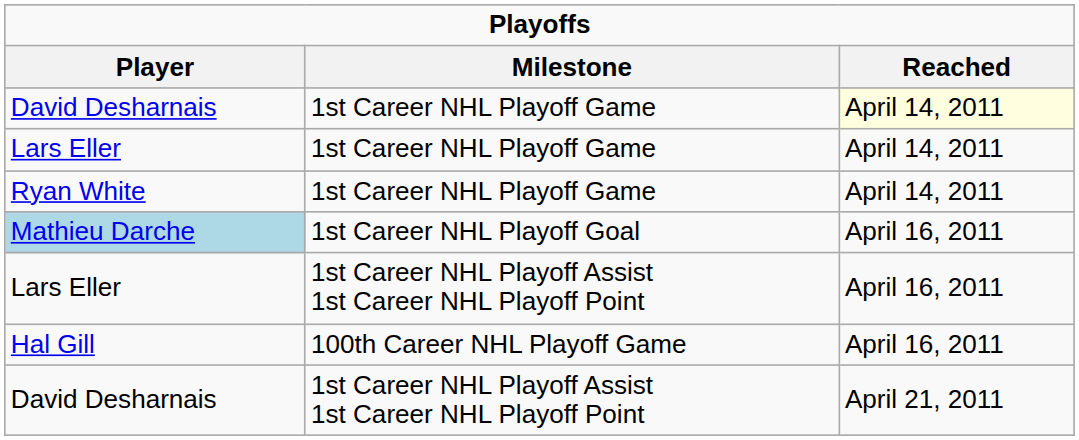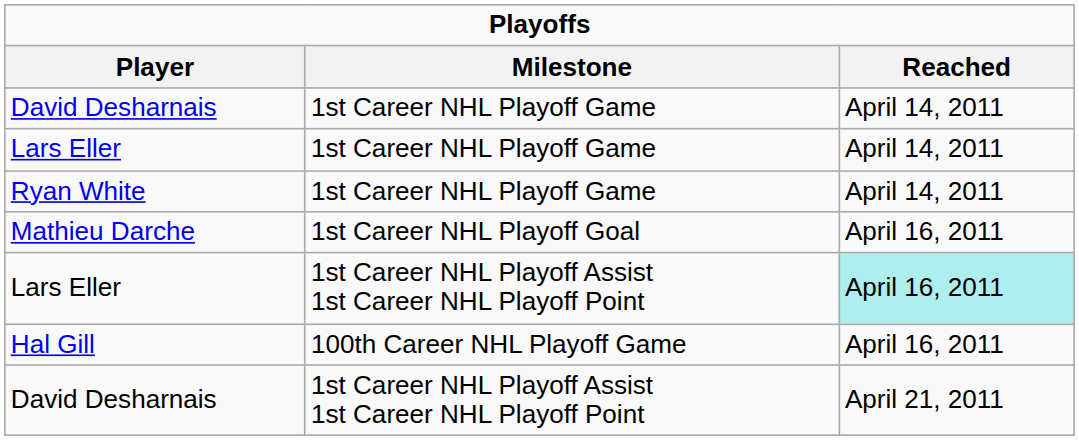 <table class="wikitable" style="width:52%;">
 <tr>
 <td colspan="10" style="text-align:center;"><strong>Playoffs</strong></td>
 </tr>
 <tr>
 <th>Player</th>
 <th>Milestone</th>
 <th>Reached</th>
 </tr>
 <tr>
 <td><a href='#'>David Desharnais</a></td>
 <td>1st Career NHL Playoff Game</td>
-<td style="background: lightyellow;">April 14, 2011</td>
+<td>April 14, 2011</td>
 </tr>
 <tr>
 <td><a href='#'>Lars Eller</a></td>
 <td>1st Career NHL Playoff Game</td>
 <td>April 14, 2011</td>
 </tr>
 <tr>
 <td><a href='#'>Ryan White</a></td>
 <td>1st Career NHL Playoff Game</td>
 <td>April 14, 2011</td>
 </tr>
 <tr>
-<td style="background: lightblue;"><a href='#'>Mathieu Darche</a></td>
+<td><a href='#'>Mathieu Darche</a></td>
 <td>1st Career NHL Playoff Goal</td>
 <td>April 16, 2011</td>
 </tr>
 <tr>
 <td>Lars Eller</td>
 <td>1st Career NHL Playoff Assist<br>1st Career NHL Playoff Point</td>
-<td>April 16, 2011</td>
+<td style="background: paleturquoise;">April 16, 2011</td>
 </tr>
 <tr>
 <td><a href='#'>Hal Gill</a></td>
 <td>100th Career NHL Playoff Game</td>
 <td>April 16, 2011</td>
 </tr>
 <tr>
 <td>David Desharnais</td>
 <td>1st Career NHL Playoff Assist<br>1st Career NHL Playoff Point</td>
 <td>April 21, 2011</td>
 </tr>
 </table>
